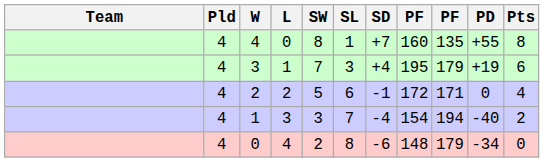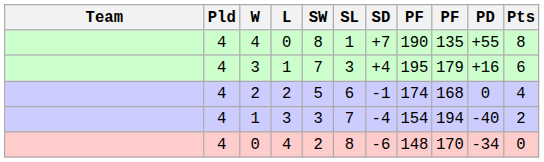 <table class="wikitable" style="text-align:center">
 <tr>
 <th width="160">Team</th>
 <th width="20">Pld</th>
 <th width="20">W</th>
 <th width="20">L</th>
 <th width="20">SW</th>
 <th width="20">SL</th>
 <th width="20">SD</th>
 <th width="20">PF</th>
 <th width="20">PF</th>
 <th width="20">PD</th>
 <th width="20">Pts</th>
 </tr>
 <tr bgcolor="ccffcc">
 <td align="left"></td>
 <td>4</td>
 <td>4</td>
 <td>0</td>
 <td>8</td>
 <td>1</td>
 <td>+7</td>
-<td>160</td>
+<td>190</td>
 <td>135</td>
 <td>+55</td>
 <td>8</td>
 </tr>
 <tr bgcolor="ccffcc">
 <td align="left"></td>
 <td>4</td>
 <td>3</td>
 <td>1</td>
 <td>7</td>
 <td>3</td>
 <td>+4</td>
 <td>195</td>
 <td>179</td>
-<td>+19</td>
+<td>+16</td>
 <td>6</td>
 </tr>
 <tr bgcolor="ccccff">
 <td align="left"></td>
 <td>4</td>
 <td>2</td>
 <td>2</td>
 <td>5</td>
 <td>6</td>
 <td>-1</td>
-<td>172</td>
-<td>171</td>
+<td>174</td>
+<td>168</td>
 <td>0</td>
 <td>4</td>
 </tr>
 <tr bgcolor="ccccff">
 <td align="left"></td>
 <td>4</td>
 <td>1</td>
 <td>3</td>
 <td>3</td>
 <td>7</td>
 <td>-4</td>
 <td>154</td>
 <td>194</td>
 <td>-40</td>
 <td>2</td>
 </tr>
 <tr bgcolor="ffcccc">
 <td align="left"></td>
 <td>4</td>
 <td>0</td>
 <td>4</td>
 <td>2</td>
 <td>8</td>
 <td>-6</td>
 <td>148</td>
-<td>179</td>
+<td>170</td>
 <td>-34</td>
 <td>0</td>
 </tr>
 </table>
